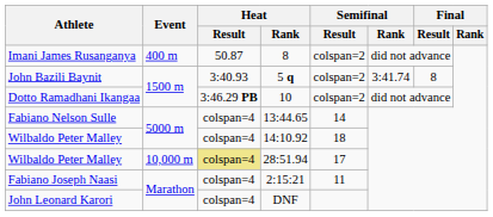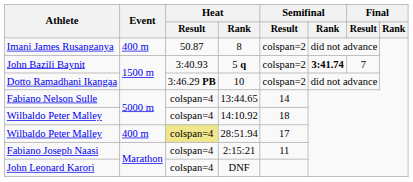 <table class="wikitable" style="font-size:90%">
 <tr>
 <th rowspan=2>Athlete</th>
 <th rowspan=2>Event</th>
 <th colspan=2>Heat</th>
 <th colspan=2>Semifinal</th>
 <th colspan=2>Final</th>
 </tr>
 <tr style="font-size:95%">
 <th>Result</th>
 <th>Rank</th>
 <th>Result</th>
 <th>Rank</th>
 <th>Result</th>
 <th>Rank</th>
 </tr>
 <tr align=center>
 <td align=left><a href='#'>Imani James Rusanganya</a></td>
 <td align=left><a href='#'>400 m</a></td>
 <td>50.87</td>
 <td>8</td>
 <td>colspan=2 </td>
 <td colspan="2">did not advance</td>
 </tr>
 <tr align=center>
 <td align=left><a href='#'>John Bazili Baynit</a></td>
 <td align=left rowspan=2><a href='#'>1500 m</a></td>
 <td>3:40.93</td>
 <td>5 <strong>q</strong></td>
 <td>colspan=2 </td>
-<td>3:41.74</td>
-<td>8</td>
+<td><strong>3:41.74</strong></td>
+<td>7</td>
 </tr>
 <tr align=center>
 <td align=left><a href='#'>Dotto Ramadhani Ikangaa</a></td>
 <td>3:46.29 <strong>PB</strong></td>
 <td>10</td>
 <td>colspan=2 </td>
 <td colspan="2">did not advance</td>
 </tr>
 <tr align=center>
 <td align=left><a href='#'>Fabiano Nelson Sulle</a></td>
 <td align=left rowspan=2><a href='#'>5000 m</a></td>
 <td>colspan=4 </td>
 <td>13:44.65</td>
 <td>14</td>
 </tr>
 <tr align=center>
 <td align=left><a href='#'>Wilbaldo Peter Malley</a></td>
 <td>colspan=4 </td>
 <td>14:10.92</td>
 <td>18</td>
 </tr>
 <tr align=center>
 <td align=left><a href='#'>Wilbaldo Peter Malley</a></td>
-<td align=left><a href='#'>10,000 m</a></td>
+<td align=left><a href='#'>400 m</a></td>
 <td style="background: khaki;">colspan=4 </td>
 <td>28:51.94</td>
 <td>17</td>
 </tr>
 <tr align=center>
 <td align=left><a href='#'>Fabiano Joseph Naasi</a></td>
 <td align=left rowspan=2><a href='#'>Marathon</a></td>
 <td>colspan=4 </td>
 <td>2:15:21</td>
 <td>11</td>
 </tr>
 <tr align=center>
 <td align=left><a href='#'>John Leonard Karori</a></td>
 <td>colspan=4 </td>
 <td>DNF</td>
 <td></td>
 </tr>
 </table>
